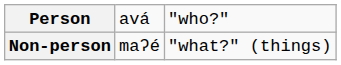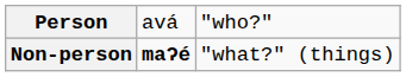 <table class="wikitable">
 <tr>
 <th>Person</th>
 <td>avá</td>
 <td>"who?"</td>
 </tr>
 <tr>
 <th>Non-person</th>
-<td>maʔé</td>
+<td><strong>maʔé</strong></td>
 <td>"what?" (things)</td>
 </tr>
 </table>
